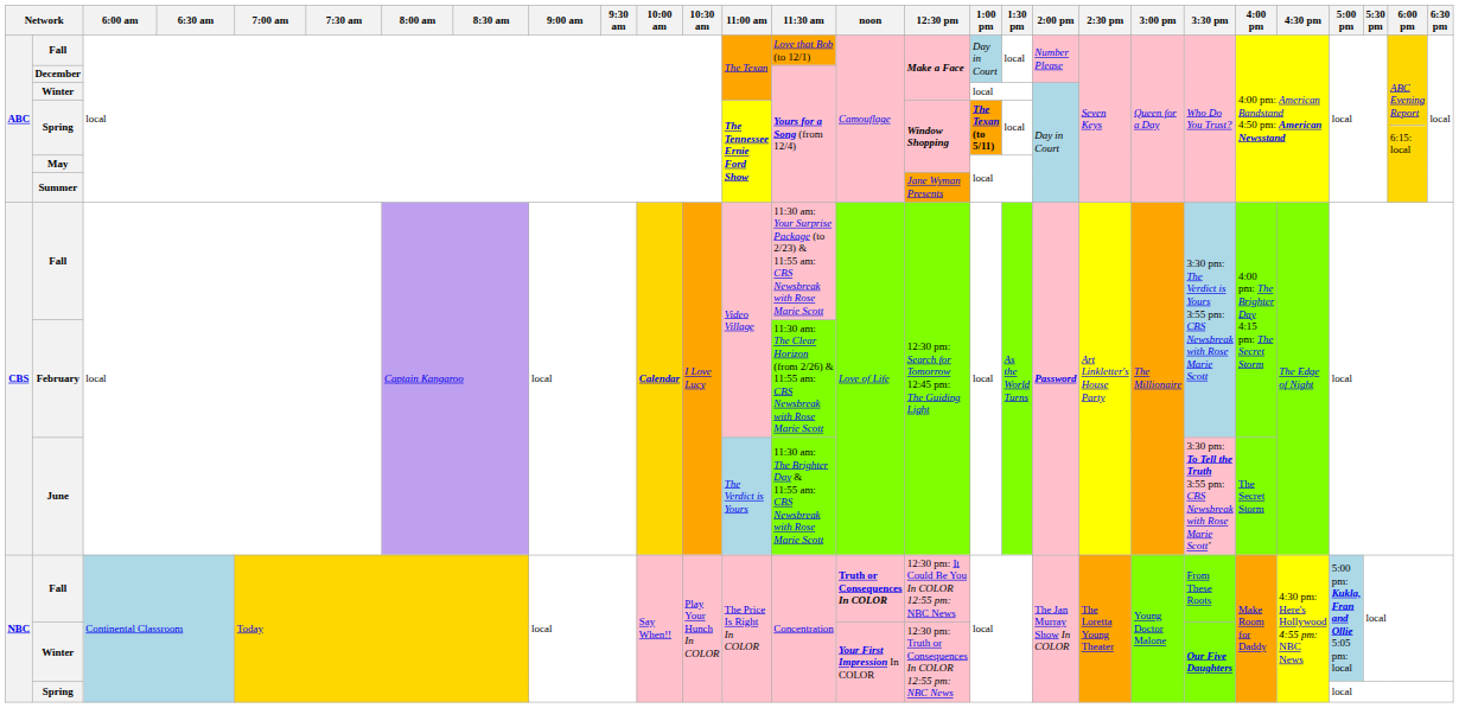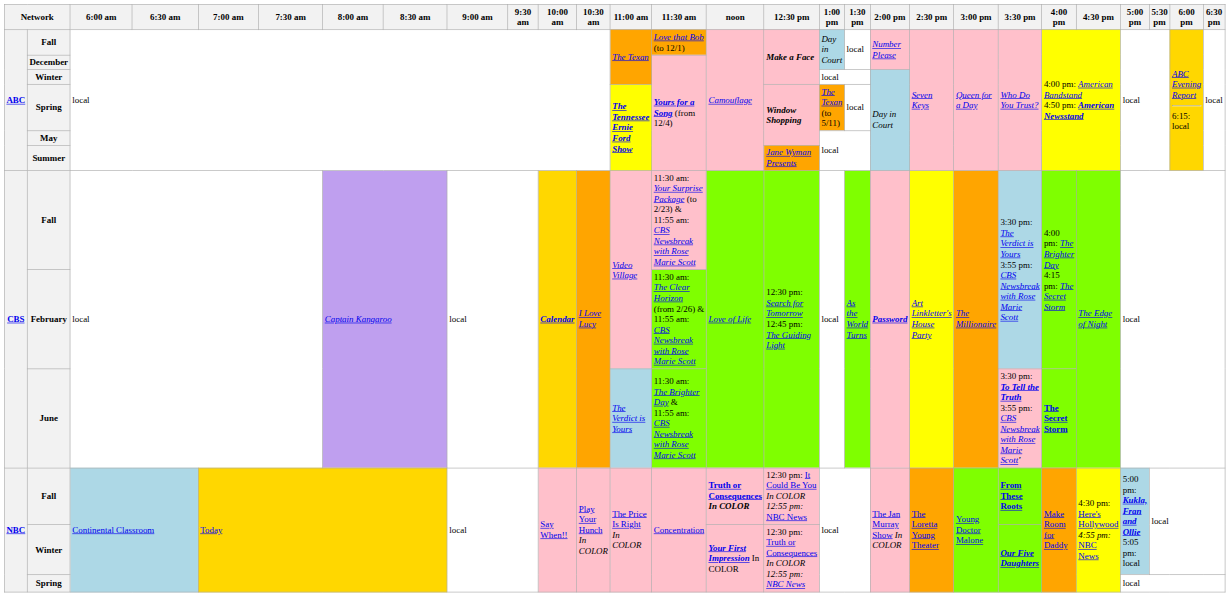 <table class=wikitable style="font-size:90%">
 <tr>
 <th width="1.5%" bgcolor="#C0C0C0" colspan="2">Network</th>
 <th width="13%" bgcolor="#C0C0C0">6:00 am</th>
 <th width="14%" bgcolor="#C0C0C0">6:30 am</th>
 <th width="13%" bgcolor="#C0C0C0">7:00 am</th>
 <th width="14%" bgcolor="#C0C0C0">7:30 am</th>
 <th width="13%" bgcolor="#C0C0C0">8:00 am</th>
 <th width="14%" bgcolor="#C0C0C0">8:30 am</th>
 <th width="13%" bgcolor="#C0C0C0">9:00 am</th>
 <th width="14%" bgcolor="#C0C0C0">9:30 am</th>
 <th width="13%" bgcolor="#C0C0C0">10:00 am</th>
 <th width="14%" bgcolor="#C0C0C0">10:30 am</th>
 <th width="13%" bgcolor="#C0C0C0">11:00 am</th>
 <th width="14%" bgcolor="#C0C0C0">11:30 am</th>
 <th width="13%" bgcolor="#C0C0C0">noon</th>
 <th width="14%" bgcolor="#C0C0C0">12:30 pm</th>
 <th width="13%" bgcolor="#C0C0C0">1:00 pm</th>
 <th width="14%" bgcolor="#C0C0C0">1:30 pm</th>
 <th width="13%" bgcolor="#C0C0C0">2:00 pm</th>
 <th width="14%" bgcolor="#C0C0C0">2:30 pm</th>
 <th width="13%" bgcolor="#C0C0C0">3:00 pm</th>
 <th width="14%" bgcolor="#C0C0C0">3:30 pm</th>
 <th width="13%" bgcolor="#C0C0C0">4:00 pm</th>
 <th width="14%" bgcolor="#C0C0C0">4:30 pm</th>
 <th width="13%" bgcolor="#C0C0C0">5:00 pm</th>
 <th width=14% bgcolor=#C0C0C0>5:30 pm</th>
 <th width=13% bgcolor=#C0C0C0>6:00 pm</th>
 <th width=14% bgcolor=#C0C0C0>6:30 pm</th>
 </tr>
 <tr>
 <th bgcolor="#C0C0C0" rowspan=6><a href='#'>ABC</a></th>
 <th bgcolor=#C0C0C0>Fall</th>
 <td bgcolor="white" colspan="10" rowspan=6>local</td>
 <td bgcolor="orange" rowspan=3><em><a href='#'>The Texan</a></em> </td>
 <td bgcolor="orange"><em><a href='#'>Love that Bob</a></em>  (to 12/1)</td>
 <td bgcolor="pink" rowspan=6><em><a href='#'>Camouflage</a></em></td>
 <td bgcolor="pink" rowspan=3><strong><em>Make a Face</em></strong></td>
 <td bgcolor="lightblue" rowspan=2><em>Day in Court</em></td>
 <td bgcolor="white" rowspan=2>local</td>
 <td bgcolor="pink" rowspan=2><em><a href='#'>Number Please</a></em></td>
 <td bgcolor="pink" rowspan=6><em><a href='#'>Seven Keys</a></em></td>
 <td bgcolor="pink" rowspan=6><em><a href='#'>Queen for a Day</a></em></td>
 <td bgcolor="pink" rowspan=6><em><a href='#'>Who Do You Trust?</a></em></td>
 <td bgcolor="yellow" colspan="2" rowspan=6>4:00 pm: <em><a href='#'>American Bandstand</a></em><br>4:50 pm: <strong><em><a href='#'>American Newsstand</a></em></strong></td>
 <td bgcolor="white" rowspan=6 colspan=2>local</td>
 <td bgcolor=gold rowspan=6><em><a href='#'>ABC Evening Report</a></em><hr>6:15: local</td>
 <td bgcolor=white rowspan=6>local</td>
 </tr>
 <tr>
 <th bgcolor=#C0C0C0>December</th>
 <td bgcolor=pink rowspan=5><strong><em><a href='#'>Yours for a Song</a></em></strong> (from 12/4)</td>
 </tr>
 <tr>
 <th bgcolor=#C0C0C0>Winter</th>
 <td bgcolor=white colspan=2>local</td>
 <td bgcolor=lightblue rowspan=4><em>Day in Court</em></td>
 </tr>
 <tr>
 <th bgcolor=#C0C0C0>Spring</th>
 <td bgcolor=yellow rowspan=3><strong><em><a href='#'>The Tennessee Ernie Ford Show</a></em></strong></td>
 <td bgcolor=pink rowspan=2><strong><em>Window Shopping</em></strong></td>
-<td bgcolor=orange><strong><em><a href='#'>The Texan</a></em>  (to 5/11)</strong></td>
+<td bgcolor=orange><em><a href='#'>The Texan</a></em>  (to 5/11)</td>
 <td bgcolor=white>local</td>
 </tr>
 <tr>
 <th bgcolor=#C0C0C0>May</th>
 <td bgcolor=white colspan=2 rowspan=2>local</td>
 </tr>
 <tr>
 <th bgcolor=#C0C0C0>Summer</th>
 <td bgcolor=orange><em><a href='#'>Jane Wyman Presents</a></em> </td>
 </tr>
 <tr>
 <th bgcolor="#C0C0C0" rowspan=3><a href='#'>CBS</a></th>
 <th bgcolor=#C0C0C0>Fall</th>
 <td bgcolor="white" colspan="4" rowspan=3>local</td>
 <td bgcolor="bf9fef" colspan="2" rowspan=3><em><a href='#'>Captain Kangaroo</a></em></td>
 <td bgcolor="white" colspan="2" rowspan=3>local</td>
 <td bgcolor="gold" rowspan=3><strong><em><a href='#'>Calendar</a></em></strong></td>
 <td bgcolor="orange" rowspan=3><em><a href='#'>I Love Lucy</a></em> </td>
 <td bgcolor="pink" rowspan=2><em><a href='#'>Video Village</a></em></td>
 <td bgcolor="pink">11:30 am: <em><a href='#'>Your Surprise Package</a></em> (to 2/23) & 11:55 am: <em><a href='#'>CBS Newsbreak with Rose Marie Scott</a></em></td>
 <td bgcolor="chartreuse" rowspan=3><em><a href='#'>Love of Life</a></em></td>
 <td bgcolor="chartreuse" rowspan=3>12:30 pm: <em><a href='#'>Search for Tomorrow</a></em><br>12:45 pm: <em><a href='#'>The Guiding Light</a></em></td>
 <td bgcolor="white" rowspan=3>local</td>
 <td bgcolor="chartreuse" rowspan=3><em><a href='#'>As the World Turns</a></em></td>
 <td bgcolor="pink" rowspan=3><strong><em><a href='#'>Password</a></em></strong></td>
 <td bgcolor="yellow" rowspan=3><em><a href='#'>Art Linkletter's House Party</a></em></td>
 <td bgcolor="orange" rowspan=3><em><a href='#'>The Millionaire</a></em> </td>
 <td bgcolor="lightblue" rowspan=2>3:30 pm: <em><a href='#'>The Verdict is Yours</a></em><br>3:55 pm: <em><a href='#'>CBS Newsbreak with Rose Marie Scott</a></em></td>
 <td bgcolor="chartreuse" rowspan=2>4:00 pm: <em><a href='#'>The Brighter Day</a></em><br>4:15 pm: <em><a href='#'>The Secret Storm</a></em></td>
 <td bgcolor="chartreuse" rowspan=3><em><a href='#'>The Edge of Night</a></em></td>
 <td bgcolor="white" rowspan=3 colspan=4>local</td>
 </tr>
 <tr>
 <th bgcolor=#C0C0C0>February</th>
 <td bgcolor=chartreuse>11:30 am: <em><a href='#'>The Clear Horizon</a></em> (from 2/26) & 11:55 am: <em><a href='#'>CBS Newsbreak with Rose Marie Scott</a></em></td>
 </tr>
 <tr>
 <th bgcolor=#C0C0C0>June</th>
 <td bgcolor=lightblue><em><a href='#'>The Verdict is Yours</a></em></td>
 <td bgcolor=chartreuse>11:30 am: <em><a href='#'>The Brighter Day</a></em> & 11:55 am: <em><a href='#'>CBS Newsbreak with Rose Marie Scott</a></em></td>
 <td bgcolor=pink>3:30 pm: <strong><em><a href='#'>To Tell the Truth</a></em></strong><br>3:55 pm: <em><a href='#'>CBS Newsbreak with Rose Marie Scott</a><strong>'</td>
-<td bgcolor=chartreuse></em><a href='#'>The Secret Storm</a><em></td>
+<td bgcolor=chartreuse><strong></em><a href='#'>The Secret Storm</a><em></strong></td>
 </tr>
 <tr>
 <th bgcolor="#C0C0C0" rowspan=3><a href='#'>NBC</a></th>
 <th bgcolor=#C0C0C0>Fall</th>
 <td bgcolor="lightblue" colspan="2" rowspan=3></em><a href='#'>Continental Classroom</a><em></td>
 <td bgcolor="gold" colspan="4" rowspan=3></em><a href='#'>Today</a><em></td>
 <td bgcolor="white" colspan="2" rowspan=3>local</td>
 <td bgcolor="pink" rowspan=3></em><a href='#'>Say When!!</a><em></td>
 <td bgcolor="pink" rowspan=3></em><a href='#'>Play Your Hunch</a><em> In <span>C</span><span>O</span><span>L</span><span>O</span><span>R</span></td>
 <td bgcolor="pink" rowspan=3></em><a href='#'>The Price Is Right</a><em> In <span>C</span><span>O</span><span>L</span><span>O</span><span>R</span></td>
 <td bgcolor="pink" rowspan=3></em><a href='#'>Concentration</a><em></td>
 <td bgcolor="pink"><strong></em><a href='#'>Truth or Consequences</a><em> In <span>C</span><span>O</span><span>L</span><span>O</span><span>R</span></strong></td>
 <td bgcolor="pink">12:30 pm: </em><a href='#'>It Could Be You</a><em> In <span>C</span><span>O</span><span>L</span><span>O</span><span>R</span><br>12:55 pm: </em><a href='#'>NBC News</a><em></td>
 <td bgcolor="white" colspan="2" rowspan=3>local</td>
 <td bgcolor="pink" rowspan=3></em><a href='#'>The Jan Murray Show</a><em> In <span>C</span><span>O</span><span>L</span><span>O</span><span>R</span></td>
 <td bgcolor="orange" rowspan=3></em><a href='#'>The Loretta Young Theater</a><em> </td>
 <td bgcolor="chartreuse" rowspan=3></em><a href='#'>Young Doctor Malone</a><em></td>
-<td bgcolor="chartreuse"></em><a href='#'>From These Roots</a><em></td>
+<td bgcolor="chartreuse"><strong></em><a href='#'>From These Roots</a><em></strong></td>
 <td bgcolor="orange" rowspan=3></em><a href='#'>Make Room for Daddy</a><em> </td>
 <td bgcolor="yellow" rowspan=3>4:30 pm: </em><a href='#'>Here's Hollywood</a><em><br>4:55 pm: </em><a href='#'>NBC News</a><em></td>
 <td bgcolor="lightblue" rowspan=2>5:00 pm: <strong><em><a href='#'>Kukla, Fran and Ollie</a></em></strong><br>5:05 pm: local</td>
 <td bgcolor=white colspan=3 rowspan=2>local</td>
 </tr>
 <tr>
 <th bgcolor=#C0C0C0>Winter</th>
 <td bgcolor=pink rowspan=2><strong><em><a href='#'>Your First Impression</a></em></strong> In <span>C</span><span>O</span><span>L</span><span>O</span><span>R</span></td>
 <td bgcolor=pink rowspan=2>12:30 pm: </em><a href='#'>Truth or Consequences</a><em> In <span>C</span><span>O</span><span>L</span><span>O</span><span>R</span><br>12:55 pm: <a href='#'>NBC News</a></td>
 <td bgcolor=chartreuse rowspan=2><strong><em><a href='#'>Our Five Daughters</a></em></strong></td>
 </tr>
 <tr>
 <th bgcolor=#C0C0C0>Spring</th>
 <td bgcolor=white colspan=4>local</td>
 </tr>
 </table>
